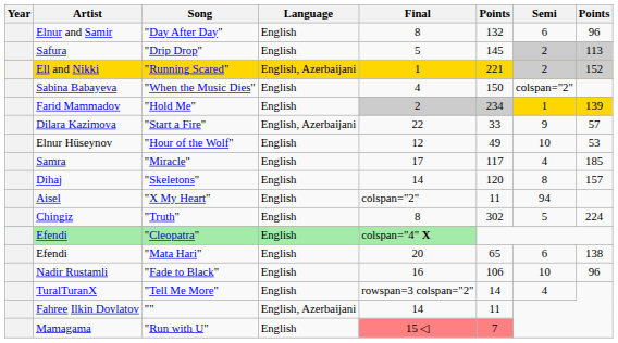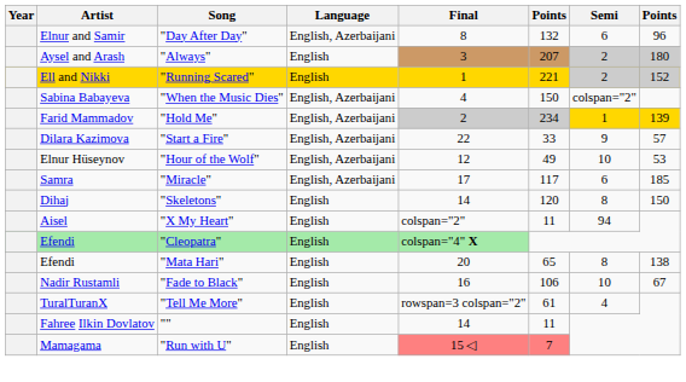 <table class="wikitable sortable plainrowheaders" style="text-align:left;">
 <tr>
 <th scope="col">Year</th>
 <th scope="col">Artist</th>
 <th scope="col">Song</th>
 <th scope="col">Language</th>
 <th scope="col" data-sort-type="number">Final</th>
 <th scope="col" data-sort-type="number">Points</th>
 <th scope="col" data-sort-type="number">Semi</th>
 <th scope="col" data-sort-type="number">Points</th>
 </tr>
 <tr>
 <th scope="row" style="text-align:center;"></th>
 <td><a href='#'>Elnur</a> and <a href='#'>Samir</a></td>
 <td>"<a href='#'>Day After Day</a>"</td>
-<td>English</td>
+<td>English, Azerbaijani</td>
 <td style=text-align:center;>8</td>
 <td style="text-align:center;">132</td>
 <td style="text-align:center;">6</td>
 <td style="text-align:center;">96</td>
 </tr>
 <tr>
 <th scope="row" style="text-align:center;"></th>
-<td><a href='#'>Safura</a></td>
-<td>"<a href='#'>Drip Drop</a>"</td>
+<td><a href='#'>Aysel</a> and <a href='#'>Arash</a></td>
+<td>"<a href='#'>Always</a>"</td>
 <td>English</td>
-<td style=text-align:center;>5</td>
-<td style="text-align:center;">145</td>
+<td style="text-align:center; background-color:#C96;">3</td>
+<td style="text-align:center; background-color:#C96;">207</td>
 <td style="text-align:center; background-color:#CCC;">2</td>
-<td style="text-align:center; background-color:#CCC;">113</td>
+<td style="text-align:center; background-color:#CCC;">180</td>
 </tr>
 <tr style="background-color:#FFD700;">
 <th scope="row" style="text-align:center;"></th>
 <td><a href='#'>Ell</a> and <a href='#'>Nikki</a></td>
 <td>"<a href='#'>Running Scared</a>"</td>
-<td>English, Azerbaijani</td>
+<td>English</td>
 <td style=text-align:center;>1</td>
 <td style="text-align:center;">221</td>
 <td style="text-align:center; background-color:#CCC;">2</td>
 <td style="text-align:center; background-color:#CCC;">152</td>
 </tr>
 <tr>
 <th scope="row" style="text-align:center;"></th>
 <td><a href='#'>Sabina Babayeva</a></td>
 <td>"<a href='#'>When the Music Dies</a>"</td>
-<td>English</td>
+<td>English, Azerbaijani</td>
 <td style=text-align:center;>4</td>
 <td style="text-align:center;">150</td>
 <td>colspan="2" </td>
 </tr>
 <tr>
 <th scope="row" style="text-align:center;"></th>
 <td><a href='#'>Farid Mammadov</a></td>
 <td>"<a href='#'>Hold Me</a>"</td>
-<td>English</td>
+<td>English, Azerbaijani</td>
 <td style="text-align:center; background-color:#CCC;">2</td>
 <td style="text-align:center; background-color:#CCC;">234</td>
 <td style="text-align:center; background-color:#FFD700;">1</td>
 <td style="text-align:center; background-color:#FFD700;">139</td>
 </tr>
 <tr>
 <th scope="row" style="text-align:center;"></th>
 <td><a href='#'>Dilara Kazimova</a></td>
 <td>"<a href='#'>Start a Fire</a>"</td>
 <td>English, Azerbaijani</td>
 <td style=text-align:center;>22</td>
 <td style="text-align:center;">33</td>
 <td style="text-align:center;">9</td>
 <td style="text-align:center;">57</td>
 </tr>
 <tr>
 <th scope="row" style="text-align:center;"></th>
 <td>Elnur Hüseynov</td>
 <td>"<a href='#'>Hour of the Wolf</a>"</td>
-<td>English</td>
+<td>English, Azerbaijani</td>
 <td style=text-align:center;>12</td>
 <td style="text-align:center;">49</td>
 <td style="text-align:center;">10</td>
 <td style="text-align:center;">53</td>
 </tr>
 <tr>
 <th scope="row" style="text-align:center;"></th>
 <td><a href='#'>Samra</a></td>
 <td>"<a href='#'>Miracle</a>"</td>
-<td>English</td>
+<td>English, Azerbaijani</td>
 <td style=text-align:center;>17</td>
 <td style="text-align:center;">117</td>
-<td style="text-align:center;">4</td>
+<td style="text-align:center;">6</td>
 <td style="text-align:center;">185</td>
 </tr>
 <tr>
 <th scope="row" style="text-align:center;"></th>
 <td><a href='#'>Dihaj</a></td>
 <td>"<a href='#'>Skeletons</a>"</td>
 <td>English</td>
 <td style=text-align:center;>14</td>
 <td style="text-align:center;">120</td>
 <td style="text-align:center;">8</td>
-<td style="text-align:center;">157</td>
+<td style="text-align:center;">150</td>
 </tr>
 <tr>
 <th scope="row" style="text-align:center;"></th>
 <td><a href='#'>Aisel</a></td>
 <td>"<a href='#'>X My Heart</a>"</td>
 <td>English</td>
 <td>colspan="2" </td>
 <td style="text-align:center;">11</td>
 <td style="text-align:center;">94</td>
-</tr>
-<tr>
-<th scope="row" style="text-align:center;"></th>
-<td><a href='#'>Chingiz</a></td>
-<td>"<a href='#'>Truth</a>"</td>
-<td>English</td>
-<td style=text-align:center;>8</td>
-<td style="text-align:center;">302</td>
-<td style="text-align:center;">5</td>
-<td style="text-align:center;">224</td>
 </tr>
 <tr style="background-color:#A4EAA9;">
 <th scope="row" style="text-align:center;"></th>
 <td><a href='#'>Efendi</a></td>
 <td>"<a href='#'>Cleopatra</a>"</td>
 <td>English</td>
 <td>colspan="4"  <strong>X</strong></td>
 </tr>
 <tr>
 <th scope="row" style="text-align:center;"></th>
 <td>Efendi</td>
 <td>"<a href='#'>Mata Hari</a>"</td>
 <td>English</td>
 <td style=text-align:center;>20</td>
 <td style="text-align:center;">65</td>
-<td style="text-align:center;">6</td>
+<td style="text-align:center;">8</td>
 <td style="text-align:center;">138</td>
 </tr>
 <tr>
 <th scope="row" style="text-align:center;"></th>
 <td><a href='#'>Nadir Rustamli</a></td>
 <td>"<a href='#'>Fade to Black</a>"</td>
 <td>English</td>
 <td style=text-align:center;>16</td>
 <td style="text-align:center;">106</td>
 <td style="text-align:center;">10</td>
-<td style="text-align:center;">96</td>
+<td style="text-align:center;">67</td>
 </tr>
 <tr>
 <th scope="row" style="text-align:center;"></th>
 <td><a href='#'>TuralTuranX</a></td>
 <td>"<a href='#'>Tell Me More</a>"</td>
 <td>English</td>
 <td>rowspan=3 colspan="2" </td>
-<td style="text-align:center;">14</td>
+<td style="text-align:center;">61</td>
 <td style="text-align:center;">4</td>
 </tr>
 <tr>
 <th scope="row" style="text-align:center;"></th>
 <td><a href='#'>Fahree</a>  <a href='#'>Ilkin Dovlatov</a></td>
 <td>""</td>
-<td>English, Azerbaijani</td>
+<td>English</td>
 <td style="text-align:center;">14</td>
 <td style="text-align:center;">11</td>
 </tr>
 <tr>
 <th scope="row" style="text-align:center;"></th>
 <td><a href='#'>Mamagama</a></td>
 <td>"<a href='#'>Run with U</a>"</td>
 <td>English</td>
 <td style="text-align:center; background-color:#FE8080;">15 ◁</td>
 <td style="text-align:center; background-color:#FE8080;">7</td>
 </tr>
 </table>
